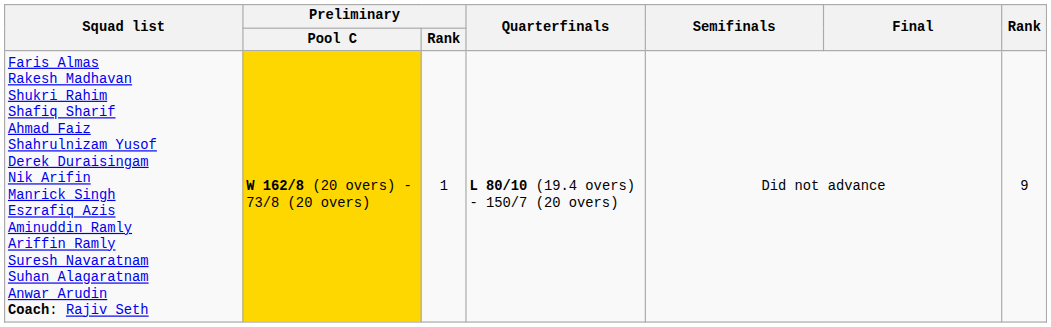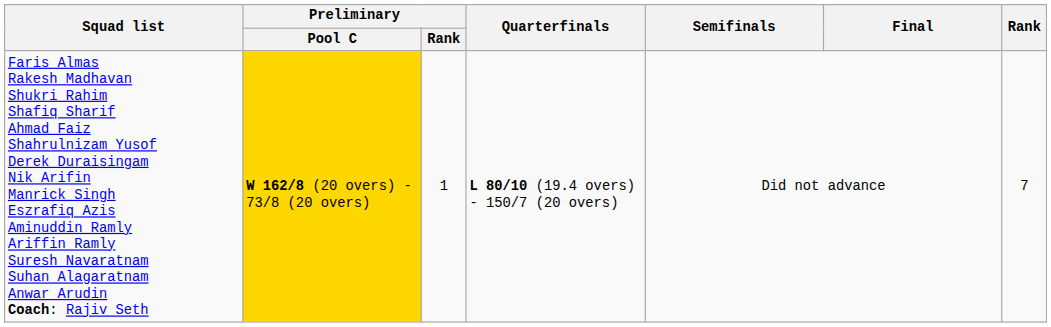 <table class=wikitable width="100%" style="font-size:90%; text-align:center">
 <tr>
 <th rowspan="2" width=20%>Squad list</th>
 <th colspan="2" width=18%>Preliminary</th>
 <th rowspan="2" width=15%>Quarterfinals</th>
 <th rowspan="2" width=15%>Semifinals</th>
 <th rowspan="2" width=15%>Final</th>
 <th rowspan="2" width=3%>Rank</th>
 </tr>
 <tr>
 <th>Pool C</th>
 <th width=3%>Rank</th>
 </tr>
 <tr>
 <td align=left><a href='#'>Faris Almas</a><br><a href='#'>Rakesh Madhavan</a><br><a href='#'>Shukri Rahim</a><br><a href='#'>Shafiq Sharif</a><br><a href='#'>Ahmad Faiz</a><br><a href='#'>Shahrulnizam Yusof</a><br><a href='#'>Derek Duraisingam</a><br><a href='#'>Nik Arifin</a><br><a href='#'>Manrick Singh</a><br><a href='#'>Eszrafiq Azis</a><br><a href='#'>Aminuddin Ramly</a><br><a href='#'>Ariffin Ramly</a><br><a href='#'>Suresh Navaratnam</a><br><a href='#'>Suhan Alagaratnam</a><br><a href='#'>Anwar Arudin</a><br><strong>Coach</strong>: <a href='#'>Rajiv Seth</a></td>
 <td align=left style="background: gold;"><br><strong>W 162/8</strong> (20 overs) - 73/8 (20 overs)</td>
 <td>1 <strong></strong></td>
 <td align=left><br><strong>L 80/10</strong> (19.4 overs) - 150/7 (20 overs)</td>
 <td colspan=2>Did not advance</td>
-<td>9</td>
+<td>7</td>
 </tr>
 </table>
